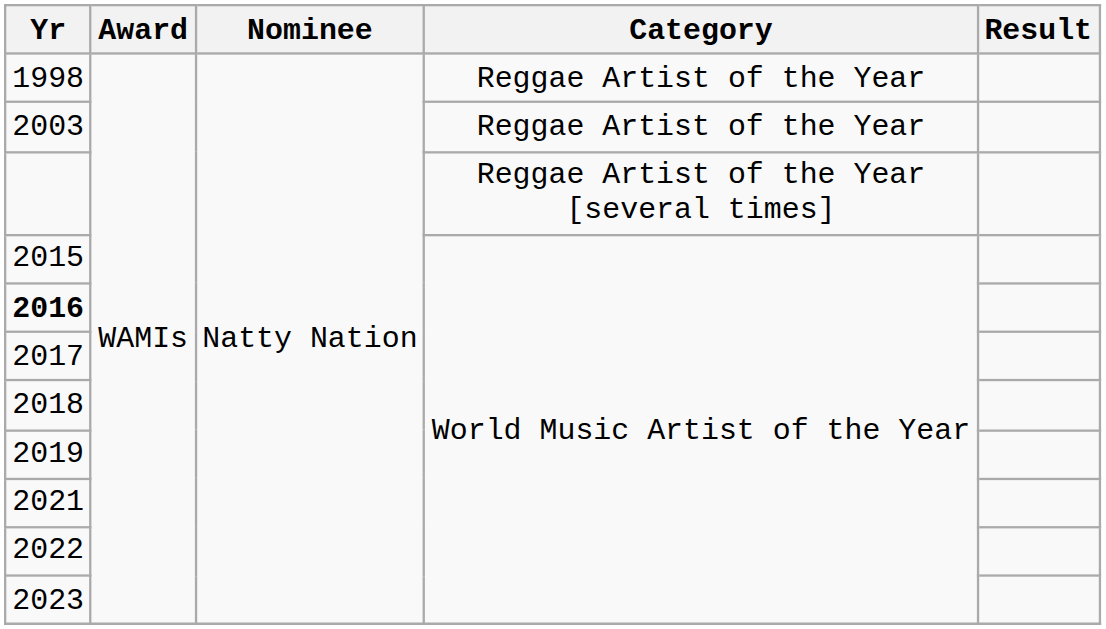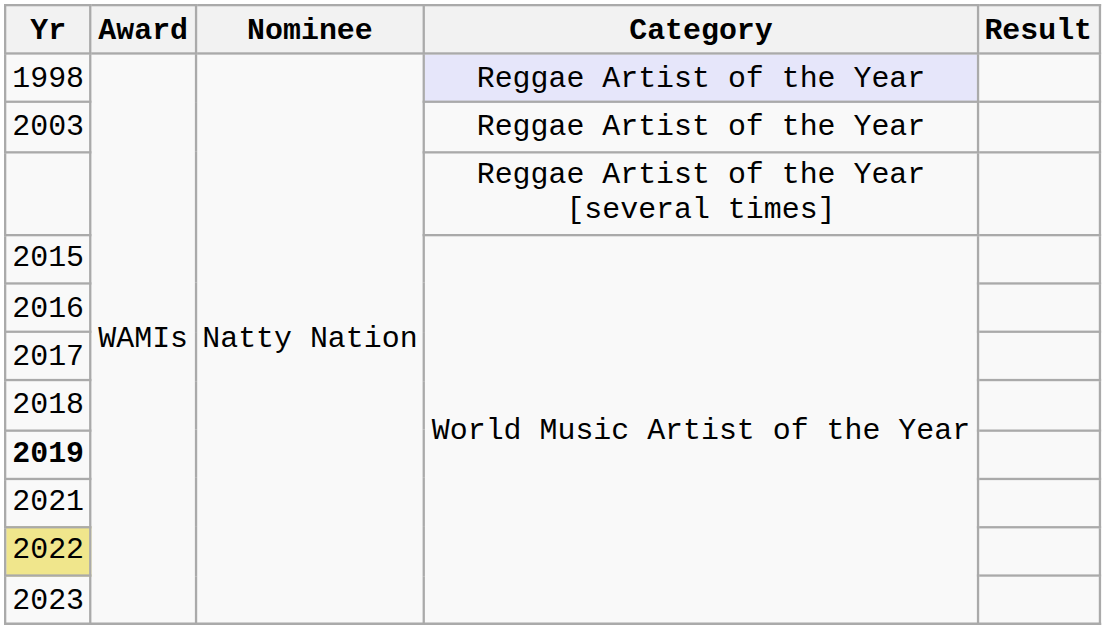 <table class="wikitable sortable" style="text-align:center;">
 <tr>
 <th>Yr</th>
 <th>Award</th>
 <th>Nominee</th>
 <th>Category</th>
 <th>Result</th>
 </tr>
 <tr>
 <td rowspan="1">1998</td>
 <td rowspan="11">WAMIs</td>
 <td rowspan="11">Natty Nation</td>
-<td>Reggae Artist of the Year</td>
+<td style="background: lavender;">Reggae Artist of the Year</td>
 <td></td>
 </tr>
 <tr>
 <td rowspan="1">2003</td>
 <td>Reggae Artist of the Year</td>
 <td></td>
 </tr>
 <tr>
 <td></td>
 <td>Reggae Artist of the Year <br>[several times]</td>
 <td></td>
 </tr>
 <tr>
 <td rowspan="1">2015</td>
 <td rowspan="8">World Music Artist of the Year</td>
 <td></td>
 </tr>
 <tr>
-<td rowspan="1"><strong>2016</strong></td>
+<td rowspan="1">2016</td>
 <td></td>
 </tr>
 <tr>
 <td rowspan="1">2017</td>
 <td></td>
 </tr>
 <tr>
 <td rowspan="1">2018</td>
 <td></td>
 </tr>
 <tr>
-<td rowspan="1">2019</td>
+<td rowspan="1"><strong>2019</strong></td>
 <td></td>
 </tr>
 <tr>
 <td rowspan="1">2021</td>
 <td></td>
 </tr>
 <tr>
-<td rowspan="1">2022</td>
+<td rowspan="1" style="background: khaki;">2022</td>
 <td></td>
 </tr>
 <tr>
 <td rowspan="1">2023</td>
 <td></td>
 </tr>
 <tr>
 </tr>
 </table>
